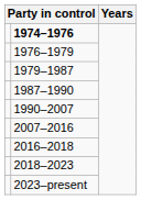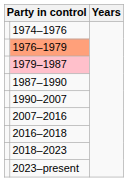 <table class="wikitable">
 <tr>
 <th colspan=2>Party in control</th>
 <th>Years</th>
 </tr>
 <tr>
 <td></td>
-<td><strong>1974–1976</strong></td>
+<td>1974–1976</td>
 </tr>
 <tr>
 <td></td>
-<td>1976–1979</td>
+<td style="background: lightsalmon;">1976–1979</td>
 </tr>
 <tr>
 <td></td>
-<td>1979–1987</td>
+<td style="background: pink;">1979–1987</td>
 </tr>
 <tr>
 <td></td>
 <td>1987–1990</td>
 </tr>
 <tr>
 <td></td>
 <td>1990–2007</td>
 </tr>
 <tr>
 <td></td>
 <td>2007–2016</td>
 </tr>
 <tr>
 <td></td>
 <td>2016–2018</td>
 </tr>
 <tr>
 <td></td>
 <td>2018–2023</td>
 </tr>
 <tr>
 <td></td>
 <td>2023–present</td>
 </tr>
 </table>
